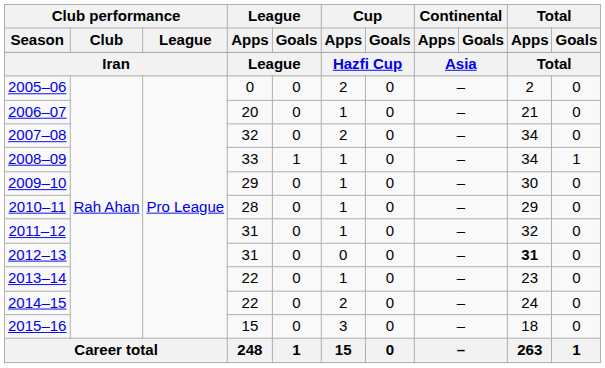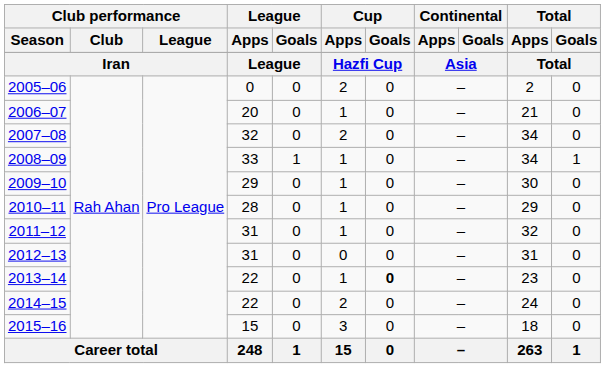 <table class="wikitable" style="text-align:center">
 <tr>
 <th colspan=3>Club performance</th>
 <th colspan=2>League</th>
 <th colspan=2>Cup</th>
 <th colspan=2>Continental</th>
 <th colspan=2>Total</th>
 </tr>
 <tr>
 <th>Season</th>
 <th>Club</th>
 <th>League</th>
 <th>Apps</th>
 <th>Goals</th>
 <th>Apps</th>
 <th>Goals</th>
 <th>Apps</th>
 <th>Goals</th>
 <th>Apps</th>
 <th>Goals</th>
 </tr>
 <tr>
 </tr>
 <tr>
 <th colspan=3>Iran</th>
 <th colspan=2>League</th>
 <th colspan=2><a href='#'>Hazfi Cup</a></th>
 <th colspan=2><a href='#'>Asia</a></th>
 <th colspan=2>Total</th>
 </tr>
 <tr>
 <td><a href='#'>2005–06</a></td>
 <td rowspan="11"><a href='#'>Rah Ahan</a></td>
 <td rowspan="11"><a href='#'>Pro League</a></td>
 <td>0</td>
 <td>0</td>
 <td>2</td>
 <td>0</td>
 <td colspan="2">–</td>
 <td>2</td>
 <td>0</td>
 </tr>
 <tr>
 <td><a href='#'>2006–07</a></td>
 <td>20</td>
 <td>0</td>
 <td>1</td>
 <td>0</td>
 <td colspan="2">–</td>
 <td>21</td>
 <td>0</td>
 </tr>
 <tr>
 <td><a href='#'>2007–08</a></td>
 <td>32</td>
 <td>0</td>
 <td>2</td>
 <td>0</td>
 <td colspan="2">–</td>
 <td>34</td>
 <td>0</td>
 </tr>
 <tr>
 <td><a href='#'>2008–09</a></td>
 <td>33</td>
 <td>1</td>
 <td>1</td>
 <td>0</td>
 <td colspan="2">–</td>
 <td>34</td>
 <td>1</td>
 </tr>
 <tr>
 <td><a href='#'>2009–10</a></td>
 <td>29</td>
 <td>0</td>
 <td>1</td>
 <td>0</td>
 <td colspan="2">–</td>
 <td>30</td>
 <td>0</td>
 </tr>
 <tr>
 <td><a href='#'>2010–11</a></td>
 <td>28</td>
 <td>0</td>
 <td>1</td>
 <td>0</td>
 <td colspan="2">–</td>
 <td>29</td>
 <td>0</td>
 </tr>
 <tr>
 <td><a href='#'>2011–12</a></td>
 <td>31</td>
 <td>0</td>
 <td>1</td>
 <td>0</td>
 <td colspan="2">–</td>
 <td>32</td>
 <td>0</td>
 </tr>
 <tr>
 <td><a href='#'>2012–13</a></td>
 <td>31</td>
 <td>0</td>
 <td>0</td>
 <td>0</td>
 <td colspan="2">–</td>
-<td><strong>31</strong></td>
+<td>31</td>
 <td>0</td>
 </tr>
 <tr>
 <td><a href='#'>2013–14</a></td>
 <td>22</td>
 <td>0</td>
 <td>1</td>
-<td>0</td>
+<td><strong>0</strong></td>
 <td colspan="2">–</td>
 <td>23</td>
 <td>0</td>
 </tr>
 <tr>
 <td><a href='#'>2014–15</a></td>
 <td>22</td>
 <td>0</td>
 <td>2</td>
 <td>0</td>
 <td colspan="2">–</td>
 <td>24</td>
 <td>0</td>
 </tr>
 <tr>
 <td><a href='#'>2015–16</a></td>
 <td>15</td>
 <td>0</td>
 <td>3</td>
 <td>0</td>
 <td colspan="2">–</td>
 <td>18</td>
 <td>0</td>
 </tr>
 <tr>
 <th colspan=3>Career total</th>
 <th>248</th>
 <th>1</th>
 <th>15</th>
 <th>0</th>
 <th colspan="2">–</th>
 <th>263</th>
 <th>1</th>
 </tr>
 </table>
